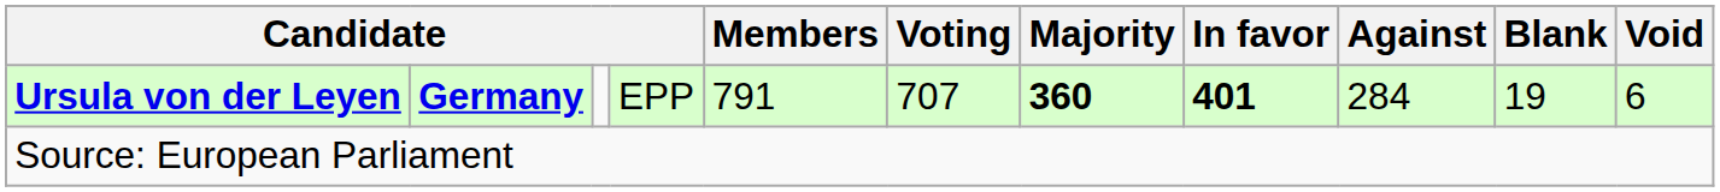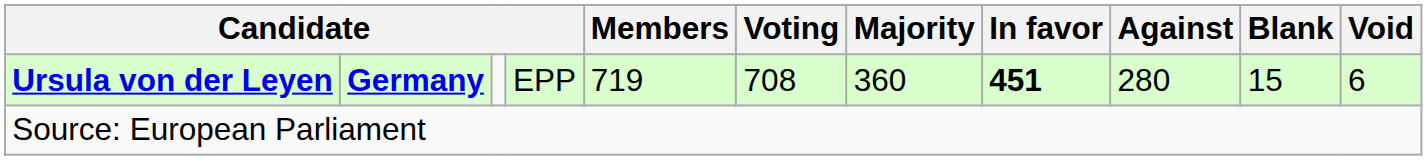 <table class="wikitable">
 <tr>
 <th colspan="4">Candidate</th>
 <th>Members</th>
 <th>Voting</th>
 <th>Majority</th>
 <th>In favor</th>
 <th>Against</th>
 <th>Blank</th>
 <th>Void</th>
 </tr>
 <tr>
 <td scope="row" style="background-color:#d8ffcc"><strong><a href='#'>Ursula von der Leyen</a></strong></td>
 <td style="background-color:#d8ffcc"><strong> <a href='#'>Germany</a></strong></td>
 <td style="background-color:width:1px; background-color:"></td>
 <td style="background-color:#d8ffcc">EPP</td>
-<td style="background-color:#d8ffcc">791</td>
-<td style="background-color:#d8ffcc">707</td>
-<td style="background-color:#d8ffcc"><strong>360</strong></td>
-<td style="background-color:#d8ffcc"><strong>401</strong></td>
-<td style="background-color:#d8ffcc">284</td>
-<td style="background-color:#d8ffcc">19</td>
+<td style="background-color:#d8ffcc">719</td>
+<td style="background-color:#d8ffcc">708</td>
+<td style="background-color:#d8ffcc">360</td>
+<td style="background-color:#d8ffcc"><strong>451</strong></td>
+<td style="background-color:#d8ffcc">280</td>
+<td style="background-color:#d8ffcc">15</td>
 <td style="background-color:#d8ffcc">6</td>
 </tr>
 <tr>
 <td colspan="11">Source: European Parliament</td>
 </tr>
 </table>
